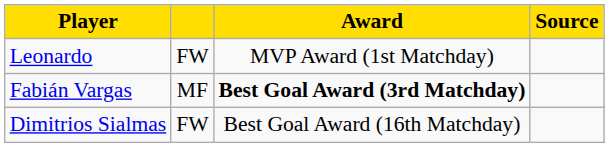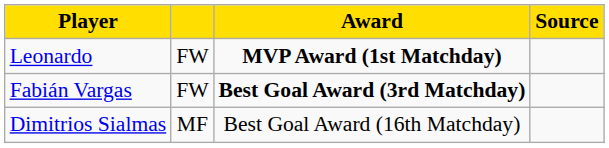 <table class="wikitable">
 <tr>
 <th style="background:#FFDE00">Player</th>
 <th style="background:#FFDE00"></th>
 <th style="background:#FFDE00">Award</th>
 <th style="background:#FFDE00">Source</th>
 </tr>
 <tr>
 <td> <a href='#'>Leonardo</a></td>
 <td align="center">FW</td>
-<td align="center">MVP Award (1st Matchday)</td>
+<td align="center"><strong>MVP Award (1st Matchday)</strong></td>
 <td align="center"></td>
 </tr>
 <tr>
 <td> <a href='#'>Fabián Vargas</a></td>
-<td align="center">MF</td>
+<td align="center">FW</td>
 <td align="center"><strong>Best Goal Award (3rd Matchday)</strong></td>
 <td align="center"></td>
 </tr>
 <tr>
 <td> <a href='#'>Dimitrios Sialmas</a></td>
-<td align="center">FW</td>
+<td align="center">MF</td>
 <td align="center">Best Goal Award (16th Matchday)</td>
 <td align="center"></td>
 </tr>
 </table>
